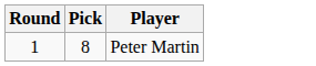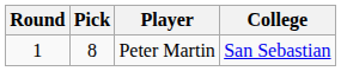 <table class="wikitable sortable sortable">
 <tr>
 <th>Round</th>
 <th>Pick</th>
 <th>Player</th>
+<th>College</th>
 </tr>
 <tr style="text-align: center">
 <td align="center">1</td>
 <td align="center">8</td>
 <td>Peter Martin</td>
+<td><a href='#'>San Sebastian</a></td>
 </tr>
 </table>
